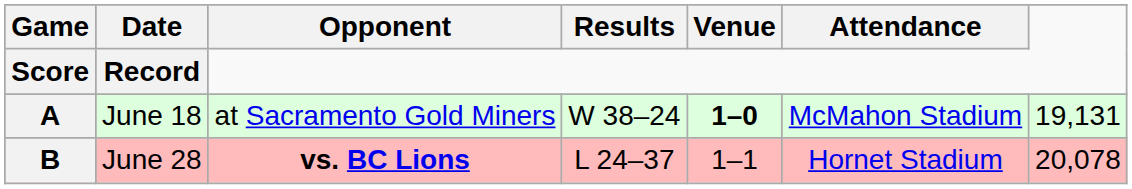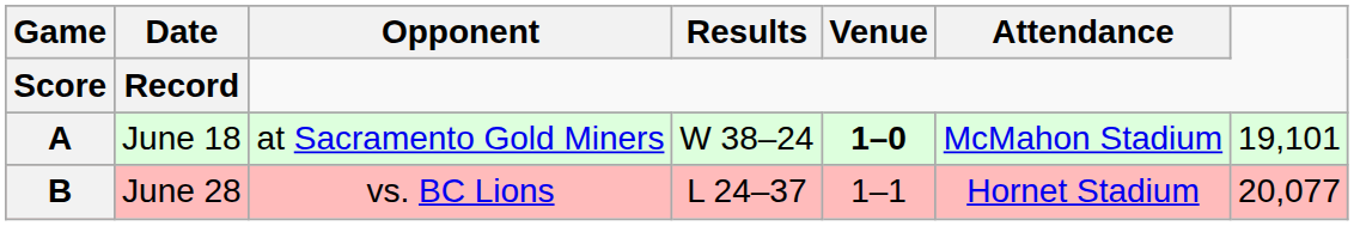 <table class="wikitable" style="text-align:center">
 <tr>
 <th>Game</th>
 <th>Date</th>
 <th>Opponent</th>
 <th>Results</th>
 <th>Venue</th>
 <th>Attendance</th>
 </tr>
 <tr>
 <th>Score</th>
 <th>Record</th>
 </tr>
 <tr style="background:#ddffdd">
 <th>A</th>
 <td>June 18</td>
 <td>at <a href='#'>Sacramento Gold Miners</a></td>
 <td>W 38–24</td>
 <td><strong>1–0</strong></td>
 <td><a href='#'>McMahon Stadium</a></td>
-<td>19,131</td>
+<td>19,101</td>
 </tr>
 <tr style="background:#ffbbbb">
 <th>B</th>
 <td>June 28</td>
-<td><strong>vs. <a href='#'>BC Lions</a></strong></td>
+<td>vs. <a href='#'>BC Lions</a></td>
 <td>L 24–37</td>
 <td>1–1</td>
 <td><a href='#'>Hornet Stadium</a></td>
-<td>20,078</td>
+<td>20,077</td>
 </tr>
 </table>
